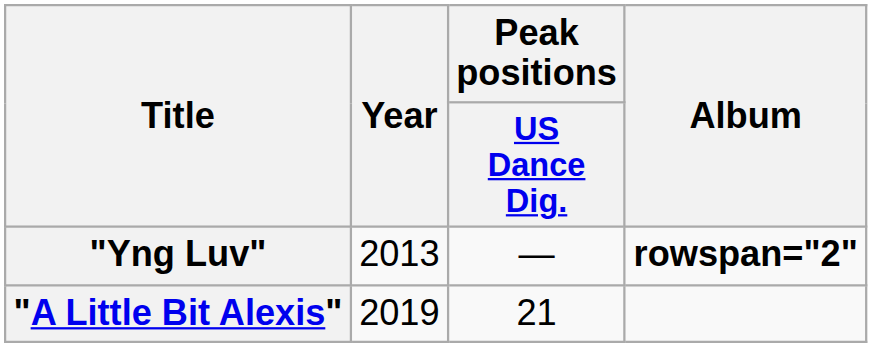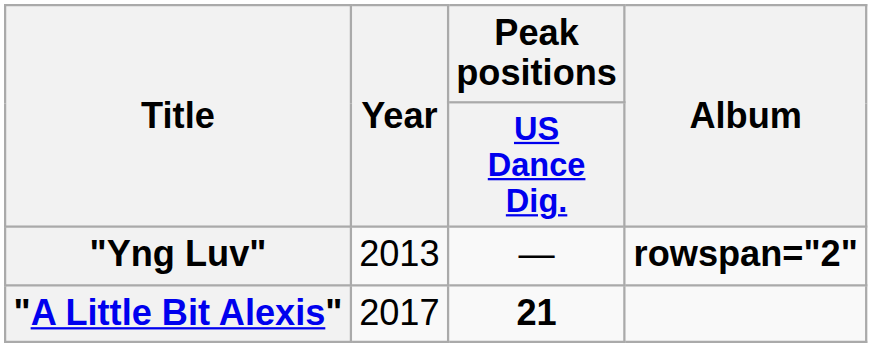 <table class="wikitable plainrowheaders" style="text-align:center;">
 <tr>
 <th rowspan="2" scope="col">Title</th>
 <th rowspan="2" scope="col">Year</th>
 <th scope="col">Peak positions</th>
 <th rowspan="2" scope="col">Album</th>
 </tr>
 <tr>
 <th scope="col" style="width:2.5em;font-size:90%;"><a href='#'>US<br>Dance<br>Dig.</a><br></th>
 </tr>
 <tr>
 <th scope="row">"Yng Luv" </th>
 <td>2013</td>
 <td>—</td>
 <td><strong>rowspan="2" </strong></td>
 </tr>
 <tr>
 <th scope="row">"<a href='#'>A Little Bit Alexis</a>"</th>
-<td>2019</td>
-<td>21</td>
+<td>2017</td>
+<td><strong>21</strong></td>
 </tr>
 </table>
